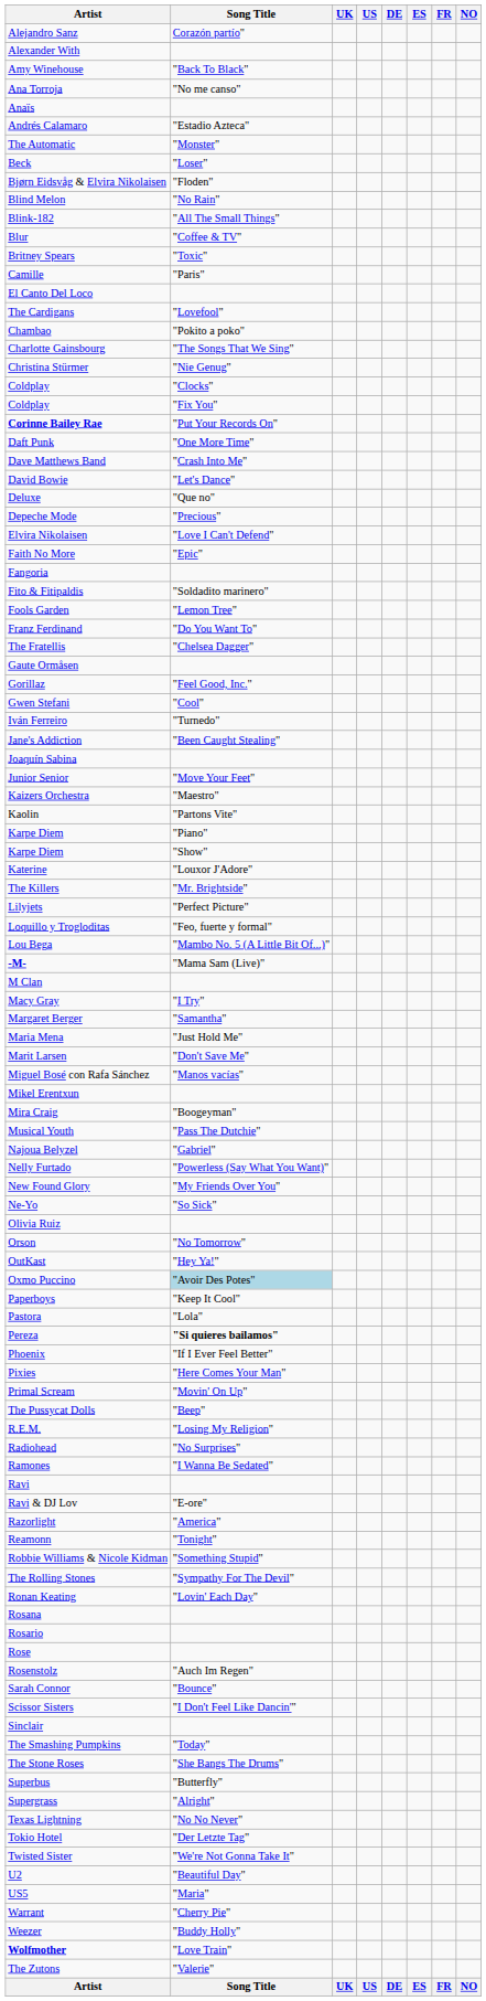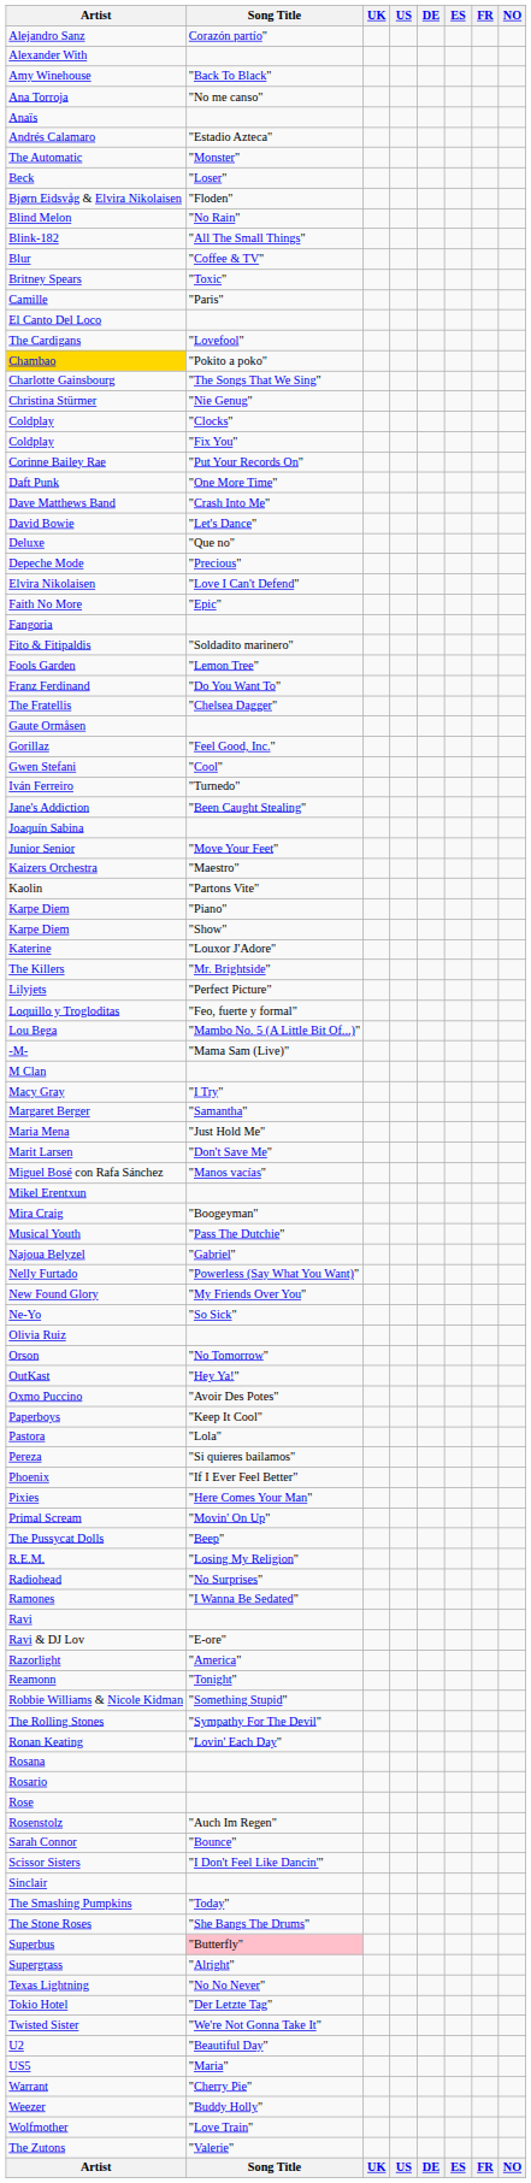 <table class="wikitable sortable" style="font-size:90%; text-align:left; margin: 5px;">
 <tr>
 <th>Artist</th>
 <th>Song Title</th>
 <th width=25px><a href='#'>UK</a></th>
 <th width=25px><a href='#'>US</a></th>
 <th width=25px><a href='#'>DE</a></th>
 <th width=25px><a href='#'>ES</a></th>
 <th width=25px><a href='#'>FR</a></th>
 <th width=25px><a href='#'>NO</a></th>
 </tr>
 <tr>
 <td><a href='#'>Alejandro Sanz</a></td>
 <td><a href='#'>Corazón partío</a>"</td>
 <td></td>
 <td></td>
 <td></td>
 <td></td>
 <td></td>
 <td></td>
 </tr>
 <tr>
 <td><a href='#'>Alexander With</a></td>
 <td></td>
 <td></td>
 <td></td>
 <td></td>
 <td></td>
 <td></td>
 <td></td>
 </tr>
 <tr>
 <td><a href='#'>Amy Winehouse</a></td>
 <td>"<a href='#'>Back To Black</a>"</td>
 <td></td>
 <td></td>
 <td></td>
 <td></td>
 <td></td>
 <td></td>
 </tr>
 <tr>
 <td><a href='#'>Ana Torroja</a></td>
 <td>"No me canso"</td>
 <td></td>
 <td></td>
 <td></td>
 <td></td>
 <td></td>
 <td></td>
 </tr>
 <tr>
 <td><a href='#'>Anaïs</a></td>
 <td></td>
 <td></td>
 <td></td>
 <td></td>
 <td></td>
 <td></td>
 <td></td>
 </tr>
 <tr>
 <td><a href='#'>Andrés Calamaro</a></td>
 <td>"Estadio Azteca"</td>
 <td></td>
 <td></td>
 <td></td>
 <td></td>
 <td></td>
 <td></td>
 </tr>
 <tr>
 <td><a href='#'>The Automatic</a></td>
 <td>"<a href='#'>Monster</a>"</td>
 <td></td>
 <td></td>
 <td></td>
 <td></td>
 <td></td>
 <td></td>
 </tr>
 <tr>
 <td><a href='#'>Beck</a></td>
 <td>"<a href='#'>Loser</a>"</td>
 <td></td>
 <td></td>
 <td></td>
 <td></td>
 <td></td>
 <td></td>
 </tr>
 <tr>
 <td><a href='#'>Bjørn Eidsvåg</a> & <a href='#'>Elvira Nikolaisen</a></td>
 <td>"Floden"</td>
 <td></td>
 <td></td>
 <td></td>
 <td></td>
 <td></td>
 <td></td>
 </tr>
 <tr>
 <td><a href='#'>Blind Melon</a></td>
 <td>"<a href='#'>No Rain</a>"</td>
 <td></td>
 <td></td>
 <td></td>
 <td></td>
 <td></td>
 <td></td>
 </tr>
 <tr>
 <td><a href='#'>Blink-182</a></td>
 <td>"<a href='#'>All The Small Things</a>"</td>
 <td></td>
 <td></td>
 <td></td>
 <td></td>
 <td></td>
 <td></td>
 </tr>
 <tr>
 <td><a href='#'>Blur</a></td>
 <td>"<a href='#'>Coffee & TV</a>"</td>
 <td></td>
 <td></td>
 <td></td>
 <td></td>
 <td></td>
 <td></td>
 </tr>
 <tr>
 <td><a href='#'>Britney Spears</a></td>
 <td>"<a href='#'>Toxic</a>"</td>
 <td></td>
 <td></td>
 <td></td>
 <td></td>
 <td></td>
 <td></td>
 </tr>
 <tr>
 <td><a href='#'>Camille</a></td>
 <td>"Paris"</td>
 <td></td>
 <td></td>
 <td></td>
 <td></td>
 <td></td>
 <td></td>
 </tr>
 <tr>
 <td><a href='#'>El Canto Del Loco</a></td>
 <td></td>
 <td></td>
 <td></td>
 <td></td>
 <td></td>
 <td></td>
 <td></td>
 </tr>
 <tr>
 <td><a href='#'>The Cardigans</a></td>
 <td>"<a href='#'>Lovefool</a>"</td>
 <td></td>
 <td></td>
 <td></td>
 <td></td>
 <td></td>
 <td></td>
 </tr>
 <tr>
-<td><a href='#'>Chambao</a></td>
+<td style="background: gold;"><a href='#'>Chambao</a></td>
 <td>"Pokito a poko"</td>
 <td></td>
 <td></td>
 <td></td>
 <td></td>
 <td></td>
 <td></td>
 </tr>
 <tr>
 <td><a href='#'>Charlotte Gainsbourg</a></td>
 <td>"<a href='#'>The Songs That We Sing</a>"</td>
 <td></td>
 <td></td>
 <td></td>
 <td></td>
 <td></td>
 <td></td>
 </tr>
 <tr>
 <td><a href='#'>Christina Stürmer</a></td>
 <td>"<a href='#'>Nie Genug</a>"</td>
 <td></td>
 <td></td>
 <td></td>
 <td></td>
 <td></td>
 <td></td>
 </tr>
 <tr>
 <td><a href='#'>Coldplay</a></td>
 <td>"<a href='#'>Clocks</a>"</td>
 <td></td>
 <td></td>
 <td></td>
 <td></td>
 <td></td>
 <td></td>
 </tr>
 <tr>
 <td><a href='#'>Coldplay</a></td>
 <td>"<a href='#'>Fix You</a>"</td>
 <td></td>
 <td></td>
 <td></td>
 <td></td>
 <td></td>
 <td></td>
 </tr>
 <tr>
-<td><strong><a href='#'>Corinne Bailey Rae</a></strong></td>
+<td><a href='#'>Corinne Bailey Rae</a></td>
 <td>"<a href='#'>Put Your Records On</a>"</td>
 <td></td>
 <td></td>
 <td></td>
 <td></td>
 <td></td>
 <td></td>
 </tr>
 <tr>
 <td><a href='#'>Daft Punk</a></td>
 <td>"<a href='#'>One More Time</a>"</td>
 <td></td>
 <td></td>
 <td></td>
 <td></td>
 <td></td>
 <td></td>
 </tr>
 <tr>
 <td><a href='#'>Dave Matthews Band</a></td>
 <td>"<a href='#'>Crash Into Me</a>"</td>
 <td></td>
 <td></td>
 <td></td>
 <td></td>
 <td></td>
 <td></td>
 </tr>
 <tr>
 <td><a href='#'>David Bowie</a></td>
 <td>"<a href='#'>Let's Dance</a>"</td>
 <td></td>
 <td></td>
 <td></td>
 <td></td>
 <td></td>
 <td></td>
 </tr>
 <tr>
 <td><a href='#'>Deluxe</a></td>
 <td>"Que no"</td>
 <td></td>
 <td></td>
 <td></td>
 <td></td>
 <td></td>
 <td></td>
 </tr>
 <tr>
 <td><a href='#'>Depeche Mode</a></td>
 <td>"<a href='#'>Precious</a>"</td>
 <td></td>
 <td></td>
 <td></td>
 <td></td>
 <td></td>
 <td></td>
 </tr>
 <tr>
 <td><a href='#'>Elvira Nikolaisen</a></td>
 <td>"<a href='#'>Love I Can't Defend</a>"</td>
 <td></td>
 <td></td>
 <td></td>
 <td></td>
 <td></td>
 <td></td>
 </tr>
 <tr>
 <td><a href='#'>Faith No More</a></td>
 <td>"<a href='#'>Epic</a>"</td>
 <td></td>
 <td></td>
 <td></td>
 <td></td>
 <td></td>
 <td></td>
 </tr>
 <tr>
 <td><a href='#'>Fangoria</a></td>
 <td></td>
 <td></td>
 <td></td>
 <td></td>
 <td></td>
 <td></td>
 <td></td>
 </tr>
 <tr>
 <td><a href='#'>Fito & Fitipaldis</a></td>
 <td>"Soldadito marinero"</td>
 <td></td>
 <td></td>
 <td></td>
 <td></td>
 <td></td>
 <td></td>
 </tr>
 <tr>
 <td><a href='#'>Fools Garden</a></td>
 <td>"<a href='#'>Lemon Tree</a>"</td>
 <td></td>
 <td></td>
 <td></td>
 <td></td>
 <td></td>
 <td></td>
 </tr>
 <tr>
 <td><a href='#'>Franz Ferdinand</a></td>
 <td>"<a href='#'>Do You Want To</a>"</td>
 <td></td>
 <td></td>
 <td></td>
 <td></td>
 <td></td>
 <td></td>
 </tr>
 <tr>
 <td><a href='#'>The Fratellis</a></td>
 <td>"<a href='#'>Chelsea Dagger</a>"</td>
 <td></td>
 <td></td>
 <td></td>
 <td></td>
 <td></td>
 <td></td>
 </tr>
 <tr>
 <td><a href='#'>Gaute Ormåsen</a></td>
 <td></td>
 <td></td>
 <td></td>
 <td></td>
 <td></td>
 <td></td>
 <td></td>
 </tr>
 <tr>
 <td><a href='#'>Gorillaz</a></td>
 <td>"<a href='#'>Feel Good, Inc.</a>"</td>
 <td></td>
 <td></td>
 <td></td>
 <td></td>
 <td></td>
 <td></td>
 </tr>
 <tr>
 <td><a href='#'>Gwen Stefani</a></td>
 <td>"<a href='#'>Cool</a>"</td>
 <td></td>
 <td></td>
 <td></td>
 <td></td>
 <td></td>
 <td></td>
 </tr>
 <tr>
 <td><a href='#'>Iván Ferreiro</a></td>
 <td>"Turnedo"</td>
 <td></td>
 <td></td>
 <td></td>
 <td></td>
 <td></td>
 <td></td>
 </tr>
 <tr>
 <td><a href='#'>Jane's Addiction</a></td>
 <td>"<a href='#'>Been Caught Stealing</a>"</td>
 <td></td>
 <td></td>
 <td></td>
 <td></td>
 <td></td>
 <td></td>
 </tr>
 <tr>
 <td><a href='#'>Joaquín Sabina</a></td>
 <td></td>
 <td></td>
 <td></td>
 <td></td>
 <td></td>
 <td></td>
 <td></td>
 </tr>
 <tr>
 <td><a href='#'>Junior Senior</a></td>
 <td>"<a href='#'>Move Your Feet</a>"</td>
 <td></td>
 <td></td>
 <td></td>
 <td></td>
 <td></td>
 <td></td>
 </tr>
 <tr>
 <td><a href='#'>Kaizers Orchestra</a></td>
 <td>"Maestro"</td>
 <td></td>
 <td></td>
 <td></td>
 <td></td>
 <td></td>
 <td></td>
 </tr>
 <tr>
 <td>Kaolin</td>
 <td>"Partons Vite"</td>
 <td></td>
 <td></td>
 <td></td>
 <td></td>
 <td></td>
 <td></td>
 </tr>
 <tr>
 <td><a href='#'>Karpe Diem</a></td>
 <td>"Piano"</td>
 <td></td>
 <td></td>
 <td></td>
 <td></td>
 <td></td>
 <td></td>
 </tr>
 <tr>
 <td><a href='#'>Karpe Diem</a></td>
 <td>"Show"</td>
 <td></td>
 <td></td>
 <td></td>
 <td></td>
 <td></td>
 <td></td>
 </tr>
 <tr>
 <td><a href='#'>Katerine</a></td>
 <td>"Louxor J'Adore"</td>
 <td></td>
 <td></td>
 <td></td>
 <td></td>
 <td></td>
 <td></td>
 </tr>
 <tr>
 <td><a href='#'>The Killers</a></td>
 <td>"<a href='#'>Mr. Brightside</a>"</td>
 <td></td>
 <td></td>
 <td></td>
 <td></td>
 <td></td>
 <td></td>
 </tr>
 <tr>
 <td><a href='#'>Lilyjets</a></td>
 <td>"Perfect Picture"</td>
 <td></td>
 <td></td>
 <td></td>
 <td></td>
 <td></td>
 <td></td>
 </tr>
 <tr>
 <td><a href='#'>Loquillo y Trogloditas</a></td>
 <td>"Feo, fuerte y formal"</td>
 <td></td>
 <td></td>
 <td></td>
 <td></td>
 <td></td>
 <td></td>
 </tr>
 <tr>
 <td><a href='#'>Lou Bega</a></td>
 <td>"<a href='#'>Mambo No. 5 (A Little Bit Of...)</a>"</td>
 <td></td>
 <td></td>
 <td></td>
 <td></td>
 <td></td>
 <td></td>
 </tr>
 <tr>
-<td><strong><a href='#'>-M-</a></strong></td>
+<td><a href='#'>-M-</a></td>
 <td>"Mama Sam (Live)"</td>
 <td></td>
 <td></td>
 <td></td>
 <td></td>
 <td></td>
 <td></td>
 </tr>
 <tr>
 <td><a href='#'>M Clan</a></td>
 <td></td>
 <td></td>
 <td></td>
 <td></td>
 <td></td>
 <td></td>
 <td></td>
 </tr>
 <tr>
 <td><a href='#'>Macy Gray</a></td>
 <td>"<a href='#'>I Try</a>"</td>
 <td></td>
 <td></td>
 <td></td>
 <td></td>
 <td></td>
 <td></td>
 </tr>
 <tr>
 <td><a href='#'>Margaret Berger</a></td>
 <td>"<a href='#'>Samantha</a>"</td>
 <td></td>
 <td></td>
 <td></td>
 <td></td>
 <td></td>
 <td></td>
 </tr>
 <tr>
 <td><a href='#'>Maria Mena</a></td>
 <td>"Just Hold Me"</td>
 <td></td>
 <td></td>
 <td></td>
 <td></td>
 <td></td>
 <td></td>
 </tr>
 <tr>
 <td><a href='#'>Marit Larsen</a></td>
 <td>"<a href='#'>Don't Save Me</a>"</td>
 <td></td>
 <td></td>
 <td></td>
 <td></td>
 <td></td>
 <td></td>
 </tr>
 <tr>
 <td><a href='#'>Miguel Bosé</a> con Rafa Sánchez</td>
 <td>"<a href='#'>Manos vacías</a>"</td>
 <td></td>
 <td></td>
 <td></td>
 <td></td>
 <td></td>
 <td></td>
 </tr>
 <tr>
 <td><a href='#'>Mikel Erentxun</a></td>
 <td></td>
 <td></td>
 <td></td>
 <td></td>
 <td></td>
 <td></td>
 <td></td>
 </tr>
 <tr>
 <td><a href='#'>Mira Craig</a></td>
 <td>"Boogeyman"</td>
 <td></td>
 <td></td>
 <td></td>
 <td></td>
 <td></td>
 <td></td>
 </tr>
 <tr>
 <td><a href='#'>Musical Youth</a></td>
 <td>"<a href='#'>Pass The Dutchie</a>"</td>
 <td></td>
 <td></td>
 <td></td>
 <td></td>
 <td></td>
 <td></td>
 </tr>
 <tr>
 <td><a href='#'>Najoua Belyzel</a></td>
 <td>"<a href='#'>Gabriel</a>"</td>
 <td></td>
 <td></td>
 <td></td>
 <td></td>
 <td></td>
 <td></td>
 </tr>
 <tr>
 <td><a href='#'>Nelly Furtado</a></td>
 <td>"<a href='#'>Powerless (Say What You Want)</a>"</td>
 <td></td>
 <td></td>
 <td></td>
 <td></td>
 <td></td>
 <td></td>
 </tr>
 <tr>
 <td><a href='#'>New Found Glory</a></td>
 <td>"<a href='#'>My Friends Over You</a>"</td>
 <td></td>
 <td></td>
 <td></td>
 <td></td>
 <td></td>
 <td></td>
 </tr>
 <tr>
 <td><a href='#'>Ne-Yo</a></td>
 <td>"<a href='#'>So Sick</a>"</td>
 <td></td>
 <td></td>
 <td></td>
 <td></td>
 <td></td>
 <td></td>
 </tr>
 <tr>
 <td><a href='#'>Olivia Ruiz</a></td>
 <td></td>
 <td></td>
 <td></td>
 <td></td>
 <td></td>
 <td></td>
 <td></td>
 </tr>
 <tr>
 <td><a href='#'>Orson</a></td>
 <td>"<a href='#'>No Tomorrow</a>"</td>
 <td></td>
 <td></td>
 <td></td>
 <td></td>
 <td></td>
 <td></td>
 </tr>
 <tr>
 <td><a href='#'>OutKast</a></td>
 <td>"<a href='#'>Hey Ya!</a>"</td>
 <td></td>
 <td></td>
 <td></td>
 <td></td>
 <td></td>
 <td></td>
 </tr>
 <tr>
 <td><a href='#'>Oxmo Puccino</a></td>
-<td style="background: lightblue;">"Avoir Des Potes"</td>
+<td>"Avoir Des Potes"</td>
 <td></td>
 <td></td>
 <td></td>
 <td></td>
 <td></td>
 <td></td>
 </tr>
 <tr>
 <td><a href='#'>Paperboys</a></td>
 <td>"Keep It Cool"</td>
 <td></td>
 <td></td>
 <td></td>
 <td></td>
 <td></td>
 <td></td>
 </tr>
 <tr>
 <td><a href='#'>Pastora</a></td>
 <td>"Lola"</td>
 <td></td>
 <td></td>
 <td></td>
 <td></td>
 <td></td>
 <td></td>
 </tr>
 <tr>
 <td><a href='#'>Pereza</a></td>
-<td><strong>"Si quieres bailamos"</strong></td>
+<td>"Si quieres bailamos"</td>
 <td></td>
 <td></td>
 <td></td>
 <td></td>
 <td></td>
 <td></td>
 </tr>
 <tr>
 <td><a href='#'>Phoenix</a></td>
 <td>"If I Ever Feel Better"</td>
 <td></td>
 <td></td>
 <td></td>
 <td></td>
 <td></td>
 <td></td>
 </tr>
 <tr>
 <td><a href='#'>Pixies</a></td>
 <td>"<a href='#'>Here Comes Your Man</a>"</td>
 <td></td>
 <td></td>
 <td></td>
 <td></td>
 <td></td>
 <td></td>
 </tr>
 <tr>
 <td><a href='#'>Primal Scream</a></td>
 <td>"<a href='#'>Movin' On Up</a>"</td>
 <td></td>
 <td></td>
 <td></td>
 <td></td>
 <td></td>
 <td></td>
 </tr>
 <tr>
 <td><a href='#'>The Pussycat Dolls</a></td>
 <td>"<a href='#'>Beep</a>"</td>
 <td></td>
 <td></td>
 <td></td>
 <td></td>
 <td></td>
 <td></td>
 </tr>
 <tr>
 <td><a href='#'>R.E.M.</a></td>
 <td>"<a href='#'>Losing My Religion</a>"</td>
 <td></td>
 <td></td>
 <td></td>
 <td></td>
 <td></td>
 <td></td>
 </tr>
 <tr>
 <td><a href='#'>Radiohead</a></td>
 <td>"<a href='#'>No Surprises</a>"</td>
 <td></td>
 <td></td>
 <td></td>
 <td></td>
 <td></td>
 <td></td>
 </tr>
 <tr>
 <td><a href='#'>Ramones</a></td>
 <td>"<a href='#'>I Wanna Be Sedated</a>"</td>
 <td></td>
 <td></td>
 <td></td>
 <td></td>
 <td></td>
 <td></td>
 </tr>
 <tr>
 <td><a href='#'>Ravi</a></td>
 <td></td>
 <td></td>
 <td></td>
 <td></td>
 <td></td>
 <td></td>
 <td></td>
 </tr>
 <tr>
 <td><a href='#'>Ravi</a> & DJ Lov</td>
 <td>"E-ore"</td>
 <td></td>
 <td></td>
 <td></td>
 <td></td>
 <td></td>
 <td></td>
 </tr>
 <tr>
 <td><a href='#'>Razorlight</a></td>
 <td>"<a href='#'>America</a>"</td>
 <td></td>
 <td></td>
 <td></td>
 <td></td>
 <td></td>
 <td></td>
 </tr>
 <tr>
 <td><a href='#'>Reamonn</a></td>
 <td>"<a href='#'>Tonight</a>"</td>
 <td></td>
 <td></td>
 <td></td>
 <td></td>
 <td></td>
 <td></td>
 </tr>
 <tr>
 <td><a href='#'>Robbie Williams</a> & <a href='#'>Nicole Kidman</a></td>
 <td>"<a href='#'>Something Stupid</a>"</td>
 <td></td>
 <td></td>
 <td></td>
 <td></td>
 <td></td>
 <td></td>
 </tr>
 <tr>
 <td><a href='#'>The Rolling Stones</a></td>
 <td>"<a href='#'>Sympathy For The Devil</a>"</td>
 <td></td>
 <td></td>
 <td></td>
 <td></td>
 <td></td>
 <td></td>
 </tr>
 <tr>
 <td><a href='#'>Ronan Keating</a></td>
 <td>"<a href='#'>Lovin' Each Day</a>"</td>
 <td></td>
 <td></td>
 <td></td>
 <td></td>
 <td></td>
 <td></td>
 </tr>
 <tr>
 <td><a href='#'>Rosana</a></td>
 <td></td>
 <td></td>
 <td></td>
 <td></td>
 <td></td>
 <td></td>
 <td></td>
 </tr>
 <tr>
 <td><a href='#'>Rosario</a></td>
 <td></td>
 <td></td>
 <td></td>
 <td></td>
 <td></td>
 <td></td>
 <td></td>
 </tr>
 <tr>
 <td><a href='#'>Rose</a></td>
 <td></td>
 <td></td>
 <td></td>
 <td></td>
 <td></td>
 <td></td>
 <td></td>
 </tr>
 <tr>
 <td><a href='#'>Rosenstolz</a></td>
 <td>"Auch Im Regen"</td>
 <td></td>
 <td></td>
 <td></td>
 <td></td>
 <td></td>
 <td></td>
 </tr>
 <tr>
 <td><a href='#'>Sarah Connor</a></td>
 <td>"<a href='#'>Bounce</a>"</td>
 <td></td>
 <td></td>
 <td></td>
 <td></td>
 <td></td>
 <td></td>
 </tr>
 <tr>
 <td><a href='#'>Scissor Sisters</a></td>
 <td>"<a href='#'>I Don't Feel Like Dancin'</a>"</td>
 <td></td>
 <td></td>
 <td></td>
 <td></td>
 <td></td>
 <td></td>
 </tr>
 <tr>
 <td><a href='#'>Sinclair</a></td>
 <td></td>
 <td></td>
 <td></td>
 <td></td>
 <td></td>
 <td></td>
 <td></td>
 </tr>
 <tr>
 <td><a href='#'>The Smashing Pumpkins</a></td>
 <td>"<a href='#'>Today</a>"</td>
 <td></td>
 <td></td>
 <td></td>
 <td></td>
 <td></td>
 <td></td>
 </tr>
 <tr>
 <td><a href='#'>The Stone Roses</a></td>
 <td>"<a href='#'>She Bangs The Drums</a>"</td>
 <td></td>
 <td></td>
 <td></td>
 <td></td>
 <td></td>
 <td></td>
 </tr>
 <tr>
 <td><a href='#'>Superbus</a></td>
-<td>"Butterfly"</td>
+<td style="background: pink;">"Butterfly"</td>
 <td></td>
 <td></td>
 <td></td>
 <td></td>
 <td></td>
 <td></td>
 </tr>
 <tr>
 <td><a href='#'>Supergrass</a></td>
 <td>"<a href='#'>Alright</a>"</td>
 <td></td>
 <td></td>
 <td></td>
 <td></td>
 <td></td>
 <td></td>
 </tr>
 <tr>
 <td><a href='#'>Texas Lightning</a></td>
 <td>"<a href='#'>No No Never</a>"</td>
 <td></td>
 <td></td>
 <td></td>
 <td></td>
 <td></td>
 <td></td>
 </tr>
 <tr>
 <td><a href='#'>Tokio Hotel</a></td>
 <td>"<a href='#'>Der Letzte Tag</a>"</td>
 <td></td>
 <td></td>
 <td></td>
 <td></td>
 <td></td>
 <td></td>
 </tr>
 <tr>
 <td><a href='#'>Twisted Sister</a></td>
 <td>"<a href='#'>We're Not Gonna Take It</a>"</td>
 <td></td>
 <td></td>
 <td></td>
 <td></td>
 <td></td>
 <td></td>
 </tr>
 <tr>
 <td><a href='#'>U2</a></td>
 <td>"<a href='#'>Beautiful Day</a>"</td>
 <td></td>
 <td></td>
 <td></td>
 <td></td>
 <td></td>
 <td></td>
 </tr>
 <tr>
 <td><a href='#'>US5</a></td>
 <td>"<a href='#'>Maria</a>"</td>
 <td></td>
 <td></td>
 <td></td>
 <td></td>
 <td></td>
 <td></td>
 </tr>
 <tr>
 <td><a href='#'>Warrant</a></td>
 <td>"<a href='#'>Cherry Pie</a>"</td>
 <td></td>
 <td></td>
 <td></td>
 <td></td>
 <td></td>
 <td></td>
 </tr>
 <tr>
 <td><a href='#'>Weezer</a></td>
 <td>"<a href='#'>Buddy Holly</a>"</td>
 <td></td>
 <td></td>
 <td></td>
 <td></td>
 <td></td>
 <td></td>
 </tr>
 <tr>
-<td><strong><a href='#'>Wolfmother</a></strong></td>
+<td><a href='#'>Wolfmother</a></td>
 <td>"<a href='#'>Love Train</a>"</td>
 <td></td>
 <td></td>
 <td></td>
 <td></td>
 <td></td>
 <td></td>
 </tr>
 <tr>
 <td><a href='#'>The Zutons</a></td>
 <td>"<a href='#'>Valerie</a>"</td>
 <td></td>
 <td></td>
 <td></td>
 <td></td>
 <td></td>
 <td></td>
 </tr>
 <tr class="sortbottom">
 <th>Artist</th>
 <th>Song Title</th>
 <th><a href='#'>UK</a></th>
 <th><a href='#'>US</a></th>
 <th><a href='#'>DE</a></th>
 <th><a href='#'>ES</a></th>
 <th><a href='#'>FR</a></th>
 <th><a href='#'>NO</a></th>
 </tr>
 </table>
